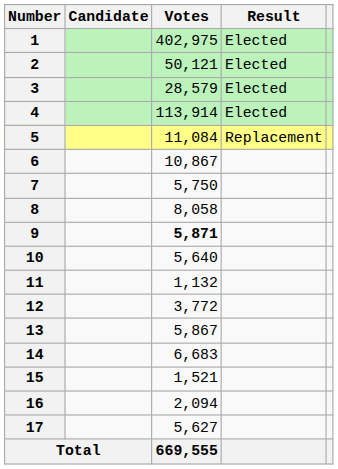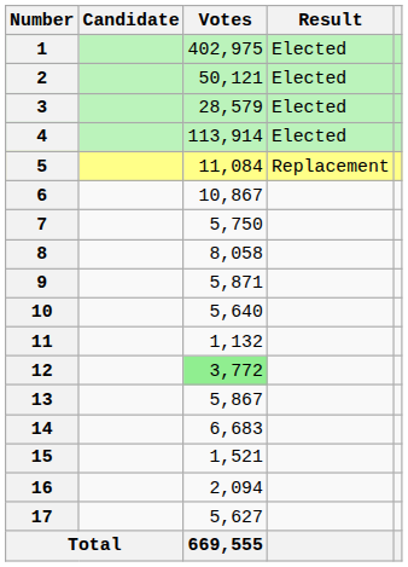 <table class="wikitable sortable">
 <tr>
 <th scope="col">Number</th>
 <th scope="col">Candidate</th>
 <th scope="col">Votes</th>
 <th scope="col">Result</th>
 <th scope="col" class="unsortable"></th>
 </tr>
 <tr bgcolor=bbf3bb>
 <th scope="row">1</th>
 <td></td>
 <td style="text-align:right">402,975</td>
 <td>Elected</td>
 <td></td>
 </tr>
 <tr bgcolor=bbf3bb>
 <th scope="row">2</th>
 <td></td>
 <td style="text-align:right">50,121</td>
 <td>Elected</td>
 <td></td>
 </tr>
 <tr bgcolor=bbf3bb>
 <th scope="row">3</th>
 <td></td>
 <td style="text-align:right">28,579</td>
 <td>Elected</td>
 <td></td>
 </tr>
 <tr bgcolor=bbf3bb>
 <th scope="row">4</th>
 <td></td>
 <td style="text-align:right">113,914</td>
 <td>Elected</td>
 <td></td>
 </tr>
 <tr bgcolor=#FF8>
 <th scope="row">5</th>
 <td></td>
 <td style="text-align:right">11,084</td>
 <td>Replacement</td>
 <td></td>
 </tr>
 <tr>
 <th scope="row">6</th>
 <td></td>
 <td style="text-align:right">10,867</td>
 <td></td>
 <td></td>
 </tr>
 <tr>
 <th scope="row">7</th>
 <td></td>
 <td style="text-align:right">5,750</td>
 <td></td>
 <td></td>
 </tr>
 <tr>
 <th scope="row">8</th>
 <td></td>
 <td style="text-align:right">8,058</td>
 <td></td>
 <td></td>
 </tr>
 <tr>
 <th scope="row">9</th>
 <td></td>
-<td style="text-align:right"><strong>5,871</strong></td>
+<td style="text-align:right">5,871</td>
 <td></td>
 <td></td>
 </tr>
 <tr>
 <th scope="row">10</th>
 <td></td>
 <td style="text-align:right">5,640</td>
 <td></td>
 <td></td>
 </tr>
 <tr>
 <th scope="row">11</th>
 <td></td>
 <td style="text-align:right">1,132</td>
 <td></td>
 <td></td>
 </tr>
 <tr>
 <th scope="row">12</th>
 <td></td>
-<td style="text-align:right">3,772</td>
+<td style="background: lightgreen; text-align:right">3,772</td>
 <td></td>
 <td></td>
 </tr>
 <tr>
 <th scope="row">13</th>
 <td></td>
 <td style="text-align:right">5,867</td>
 <td></td>
 <td></td>
 </tr>
 <tr>
 <th scope="row">14</th>
 <td></td>
 <td style="text-align:right">6,683</td>
 <td></td>
 <td></td>
 </tr>
 <tr>
 <th scope="row">15</th>
 <td></td>
 <td style="text-align:right">1,521</td>
 <td></td>
 <td></td>
 </tr>
 <tr>
 <th scope="row">16</th>
 <td></td>
 <td style="text-align:right">2,094</td>
 <td></td>
 <td></td>
 </tr>
 <tr>
 <th scope="row">17</th>
 <td></td>
 <td style="text-align:right">5,627</td>
 <td></td>
 <td></td>
 </tr>
 <tr class="sortbottom">
 <th scope="row" colspan="2">Total</th>
 <th style="text-align:right">669,555</th>
 <th></th>
 <th></th>
 </tr>
 </table>
